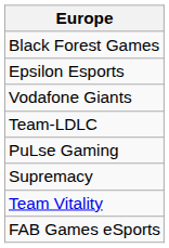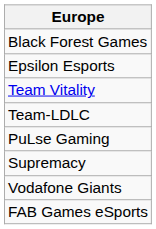 <table class="wikitable" style="display: inline-table; margin-left: 25px;">
 <tr>
 <th>Europe</th>
 </tr>
 <tr>
 <td>Black Forest Games</td>
 </tr>
 <tr>
 <td>Epsilon Esports</td>
 </tr>
 <tr>
-<td>Vodafone Giants</td>
+<td><a href='#'>Team Vitality</a></td>
 </tr>
 <tr>
 <td>Team-LDLC</td>
 </tr>
 <tr>
 <td>PuLse Gaming</td>
 </tr>
 <tr>
 <td>Supremacy</td>
 </tr>
 <tr>
-<td><a href='#'>Team Vitality</a></td>
+<td>Vodafone Giants</td>
 </tr>
 <tr>
 <td>FAB Games eSports</td>
 </tr>
 </table>
